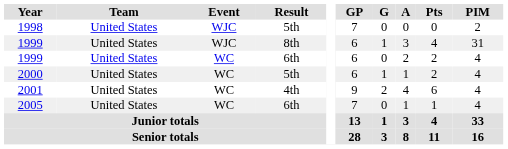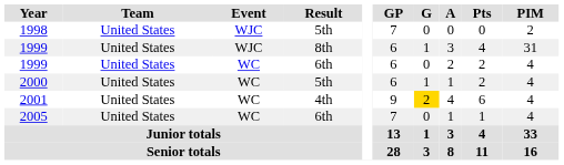 <table border="0" cellpadding="1" cellspacing="0" style="text-align:center; width:40em">
 <tr ALIGN="center" bgcolor="#e0e0e0">
 <th>Year</th>
 <th>Team</th>
 <th>Event</th>
 <th>Result</th>
 <th rowspan="99" bgcolor="#ffffff"> </th>
 <th>GP</th>
 <th>G</th>
 <th>A</th>
 <th>Pts</th>
 <th>PIM</th>
 </tr>
 <tr ALIGN="center">
 <td><a href='#'>1998</a></td>
 <td><a href='#'>United States</a></td>
 <td><a href='#'>WJC</a></td>
 <td>5th</td>
 <td>7</td>
 <td>0</td>
 <td>0</td>
 <td>0</td>
 <td>2</td>
 </tr>
 <tr ALIGN="center" bgcolor="#f0f0f0">
 <td><a href='#'>1999</a></td>
 <td>United States</td>
 <td>WJC</td>
 <td>8th</td>
 <td>6</td>
 <td>1</td>
 <td>3</td>
 <td>4</td>
 <td>31</td>
 </tr>
 <tr ALIGN="center">
 <td><a href='#'>1999</a></td>
 <td><a href='#'>United States</a></td>
 <td><a href='#'>WC</a></td>
 <td>6th</td>
 <td>6</td>
 <td>0</td>
 <td>2</td>
 <td>2</td>
 <td>4</td>
 </tr>
 <tr ALIGN="center" bgcolor="#f0f0f0">
 <td><a href='#'>2000</a></td>
 <td>United States</td>
 <td>WC</td>
 <td>5th</td>
 <td>6</td>
 <td>1</td>
 <td>1</td>
 <td>2</td>
 <td>4</td>
 </tr>
 <tr ALIGN="center">
 <td><a href='#'>2001</a></td>
 <td>United States</td>
 <td>WC</td>
 <td>4th</td>
 <td>9</td>
-<td>2</td>
+<td style="background: gold;">2</td>
 <td>4</td>
 <td>6</td>
 <td>4</td>
 </tr>
 <tr ALIGN="center" bgcolor="#f0f0f0">
 <td><a href='#'>2005</a></td>
 <td>United States</td>
 <td>WC</td>
 <td>6th</td>
 <td>7</td>
 <td>0</td>
 <td>1</td>
 <td>1</td>
 <td>4</td>
 </tr>
 <tr bgcolor="#e0e0e0">
 <th colspan="4">Junior totals</th>
 <th>13</th>
 <th>1</th>
 <th>3</th>
 <th>4</th>
 <th>33</th>
 </tr>
 <tr bgcolor="#e0e0e0">
 <th colspan="4">Senior totals</th>
 <th>28</th>
 <th>3</th>
 <th>8</th>
 <th>11</th>
 <th>16</th>
 </tr>
 </table>
